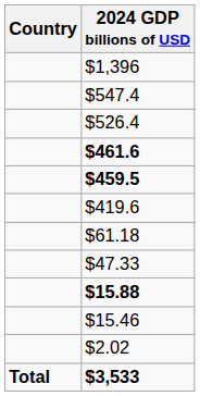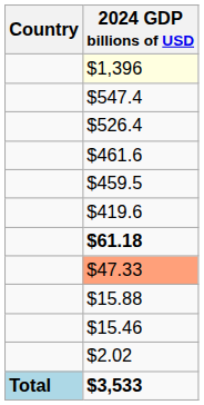 <table class="sortable wikitable sticky-header static-row-numbers col1left" >
 <tr>
 <th>Country</th>
 <th>2024 GDP<br><small>billions of <a href='#'>USD</a></small></th>
 </tr>
 <tr>
 <td></td>
-<td>$1,396</td>
+<td style="background: lightyellow;">$1,396</td>
 </tr>
 <tr>
 <td></td>
 <td>$547.4</td>
 </tr>
 <tr>
 <td></td>
 <td>$526.4</td>
 </tr>
 <tr>
 <td></td>
-<td><strong>$461.6</strong></td>
+<td>$461.6</td>
 </tr>
 <tr>
 <td></td>
-<td><strong>$459.5</strong></td>
+<td>$459.5</td>
 </tr>
 <tr>
 <td></td>
 <td>$419.6</td>
 </tr>
 <tr>
 <td></td>
-<td>$61.18</td>
+<td><strong>$61.18</strong></td>
 </tr>
 <tr>
 <td></td>
-<td>$47.33</td>
+<td style="background: lightsalmon;">$47.33</td>
 </tr>
 <tr>
 <td></td>
-<td><strong>$15.88</strong></td>
+<td>$15.88</td>
 </tr>
 <tr>
 <td></td>
 <td>$15.46</td>
 </tr>
 <tr>
 <td></td>
 <td>$2.02</td>
 </tr>
 <tr class="static-row-numbers-norank">
-<td><strong> Total </strong></td>
+<td style="background: lightblue;"><strong> Total </strong></td>
 <td><strong>$3,533</strong></td>
 </tr>
 </table>
